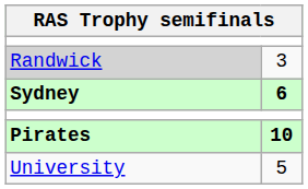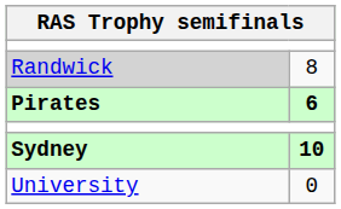 <table align="right" class="wikitable" style="font-size:90%; text-align:center; margin-left:1em; margin-right:4em">
 <tr bgcolor=#ccffcc>
 <th colspan=2>RAS Trophy semifinals</th>
 </tr>
 <tr bgcolor=#fff>
 <td colspan=2></td>
 </tr>
 <tr>
 <td width=150; align=left style="background: lightgrey;"> <a href='#'>Randwick</a></td>
-<td width="20">3</td>
+<td width="20">8</td>
 </tr>
 <tr bgcolor=#ccffcc>
-<td align=left><strong>Sydney</strong></td>
+<td align=left> <strong>Pirates</strong></td>
 <td><strong>6</strong></td>
 </tr>
 <tr bgcolor=#fff>
 <td colspan=2></td>
 </tr>
 <tr bgcolor=#ccffcc>
-<td align=left> <strong>Pirates</strong></td>
+<td align=left><strong>Sydney</strong></td>
 <td><strong>10</strong></td>
 </tr>
 <tr>
 <td align=left> <a href='#'>University</a></td>
-<td>5</td>
+<td>0</td>
 </tr>
 </table>
